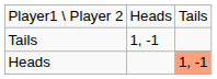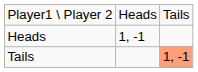 <table class="wikitable">
 <tr>
 <td>Player1 \  Player 2</td>
 <td>Heads</td>
 <td>Tails</td>
 </tr>
 <tr>
-<td>Tails</td>
+<td>Heads</td>
 <td>1, -1</td>
 <td></td>
 </tr>
 <tr>
-<td>Heads</td>
+<td>Tails</td>
 <td></td>
 <td style="background: lightsalmon;">1, -1</td>
 </tr>
 </table>
